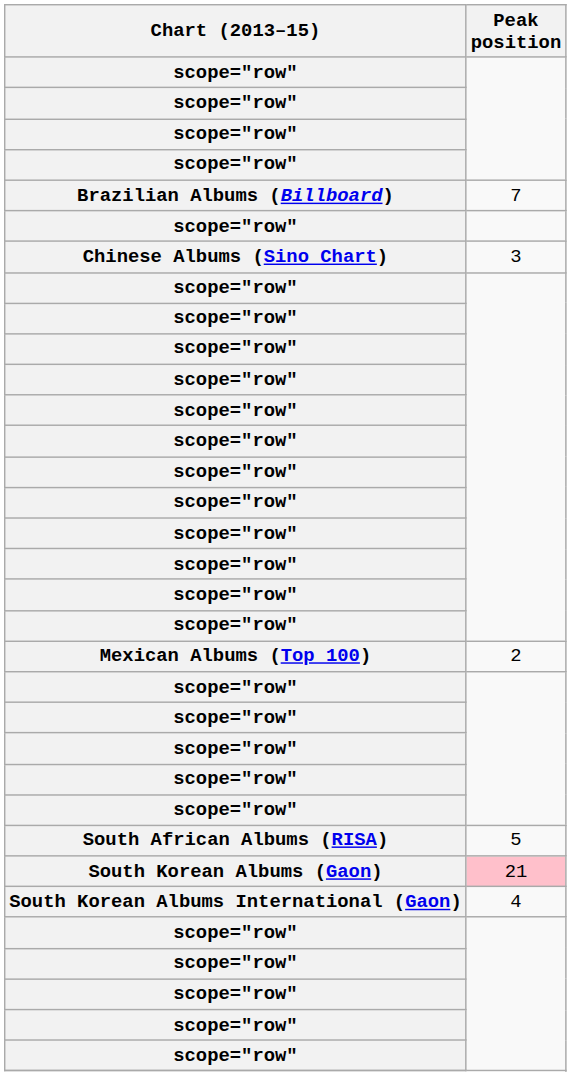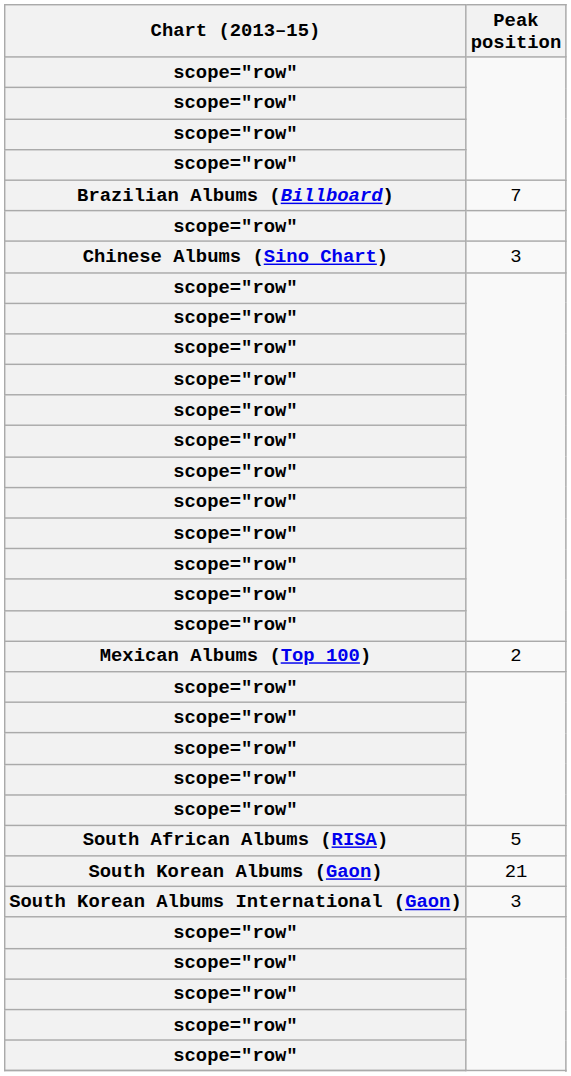 <table class="wikitable sortable plainrowheaders">
 <tr>
 <th>Chart (2013–15)</th>
 <th>Peak<br>position</th>
 </tr>
 <tr>
 <th>scope="row"</th>
 </tr>
 <tr>
 <th>scope="row"</th>
 </tr>
 <tr>
 <th>scope="row"</th>
 </tr>
 <tr>
 <th>scope="row"</th>
 </tr>
 <tr>
 <th scope="row">Brazilian Albums (<em><a href='#'>Billboard</a></em>)</th>
 <td style="text-align:center;">7</td>
 </tr>
 <tr>
 <th>scope="row"</th>
 </tr>
 <tr>
 <th scope="row">Chinese Albums (<a href='#'>Sino Chart</a>)</th>
 <td style="text-align:center;">3</td>
 </tr>
 <tr>
 <th>scope="row"</th>
 </tr>
 <tr>
 <th>scope="row"</th>
 </tr>
 <tr>
 <th>scope="row"</th>
 </tr>
 <tr>
 <th>scope="row"</th>
 </tr>
 <tr>
 <th>scope="row"</th>
 </tr>
 <tr>
 <th>scope="row"</th>
 </tr>
 <tr>
 <th>scope="row"</th>
 </tr>
 <tr>
 <th>scope="row"</th>
 </tr>
 <tr>
 <th>scope="row"</th>
 </tr>
 <tr>
 <th>scope="row"</th>
 </tr>
 <tr>
 <th>scope="row"</th>
 </tr>
 <tr>
 <th>scope="row"</th>
 </tr>
 <tr>
 <th scope="row">Mexican Albums (<a href='#'>Top 100</a>)</th>
 <td style="text-align:center;">2</td>
 </tr>
 <tr>
 <th>scope="row"</th>
 </tr>
 <tr>
 <th>scope="row"</th>
 </tr>
 <tr>
 <th>scope="row"</th>
 </tr>
 <tr>
 <th>scope="row"</th>
 </tr>
 <tr>
 <th>scope="row"</th>
 </tr>
 <tr>
 <th scope="row">South African Albums (<a href='#'>RISA</a>)</th>
 <td style="text-align:center;">5</td>
 </tr>
 <tr>
 <th scope="row">South Korean Albums (<a href='#'>Gaon</a>)</th>
-<td align="center" style="background: pink;">21</td>
+<td align="center">21</td>
 </tr>
 <tr>
 <th scope="row">South Korean Albums International (<a href='#'>Gaon</a>)</th>
-<td align="center">4</td>
+<td align="center">3</td>
 </tr>
 <tr>
 <th>scope="row"</th>
 </tr>
 <tr>
 <th>scope="row"</th>
 </tr>
 <tr>
 <th>scope="row"</th>
 </tr>
 <tr>
 <th>scope="row"</th>
 </tr>
 <tr>
 <th>scope="row"</th>
 </tr>
 <tr>
 </tr>
 </table>
